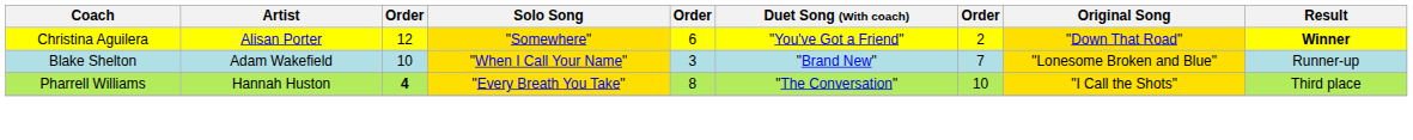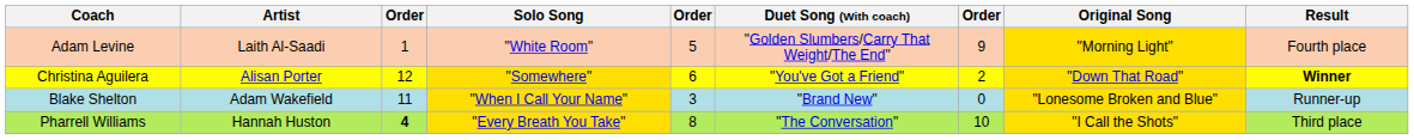 <table class="wikitable" style="text-align:center; width:100%;">
 <tr>
 <th scope="col" width="13%">Coach</th>
 <th scope="col" width="15%">Artist</th>
 <th scope="col" width="02%">Order</th>
 <th scope="col" width="18%">Solo Song</th>
 <th scope="col" width="02%">Order</th>
 <th scope="col" width="18%">Duet Song <small>(With coach)</small></th>
 <th scope="col" width="02%">Order</th>
 <th scope="col" width="18%">Original Song</th>
 <th scope="col" width="12%">Result</th>
+</tr>
+<tr bgcolor=#FBCEB1>
+<td>Adam Levine</td>
+<td>Laith Al-Saadi</td>
+<td scope="row">1</td>
+<td>"<a href='#'>White Room</a>"</td>
+<td scope="row">5</td>
+<td>"<a href='#'>Golden Slumbers</a>/<a href='#'>Carry That Weight</a>/<a href='#'>The End</a>"</td>
+<td scope="row">9</td>
+<td style="background:#fedf00;">"Morning Light"</td>
+<td>Fourth place</td>
 </tr>
 <tr bgcolor=yellow>
 <td>Christina Aguilera</td>
 <td><a href='#'>Alisan Porter</a></td>
 <td scope="row">12</td>
 <td style="background:#fedf00;">"<a href='#'>Somewhere</a>"</td>
 <td scope="row">6</td>
 <td>"<a href='#'>You've Got a Friend</a>"</td>
 <td scope="row">2</td>
 <td style="background:#fedf00;">"<a href='#'>Down That Road</a>"</td>
 <td><strong>Winner</strong></td>
 </tr>
 <tr bgcolor=#B0E0E6>
 <td>Blake Shelton</td>
 <td>Adam Wakefield</td>
-<td scope="row">10</td>
+<td scope="row">11</td>
 <td style="background:#fedf00;">"<a href='#'>When I Call Your Name</a>"</td>
 <td scope="row">3</td>
 <td>"<a href='#'>Brand New</a>"</td>
-<td scope="row">7</td>
+<td scope="row">0</td>
 <td style="background:#fedf00;">"Lonesome Broken and Blue"</td>
 <td>Runner-up</td>
 </tr>
 <tr bgcolor=#B2EC5D>
 <td>Pharrell Williams</td>
 <td>Hannah Huston</td>
 <td scope="row"><strong>4</strong></td>
 <td style="background:#fedf00;">"<a href='#'>Every Breath You Take</a>"</td>
 <td scope="row">8</td>
 <td>"<a href='#'>The Conversation</a>"</td>
 <td scope="row">10</td>
 <td style="background:#fedf00;">"I Call the Shots"</td>
 <td>Third place</td>
 </tr>
 <tr>
 </tr>
 </table>
